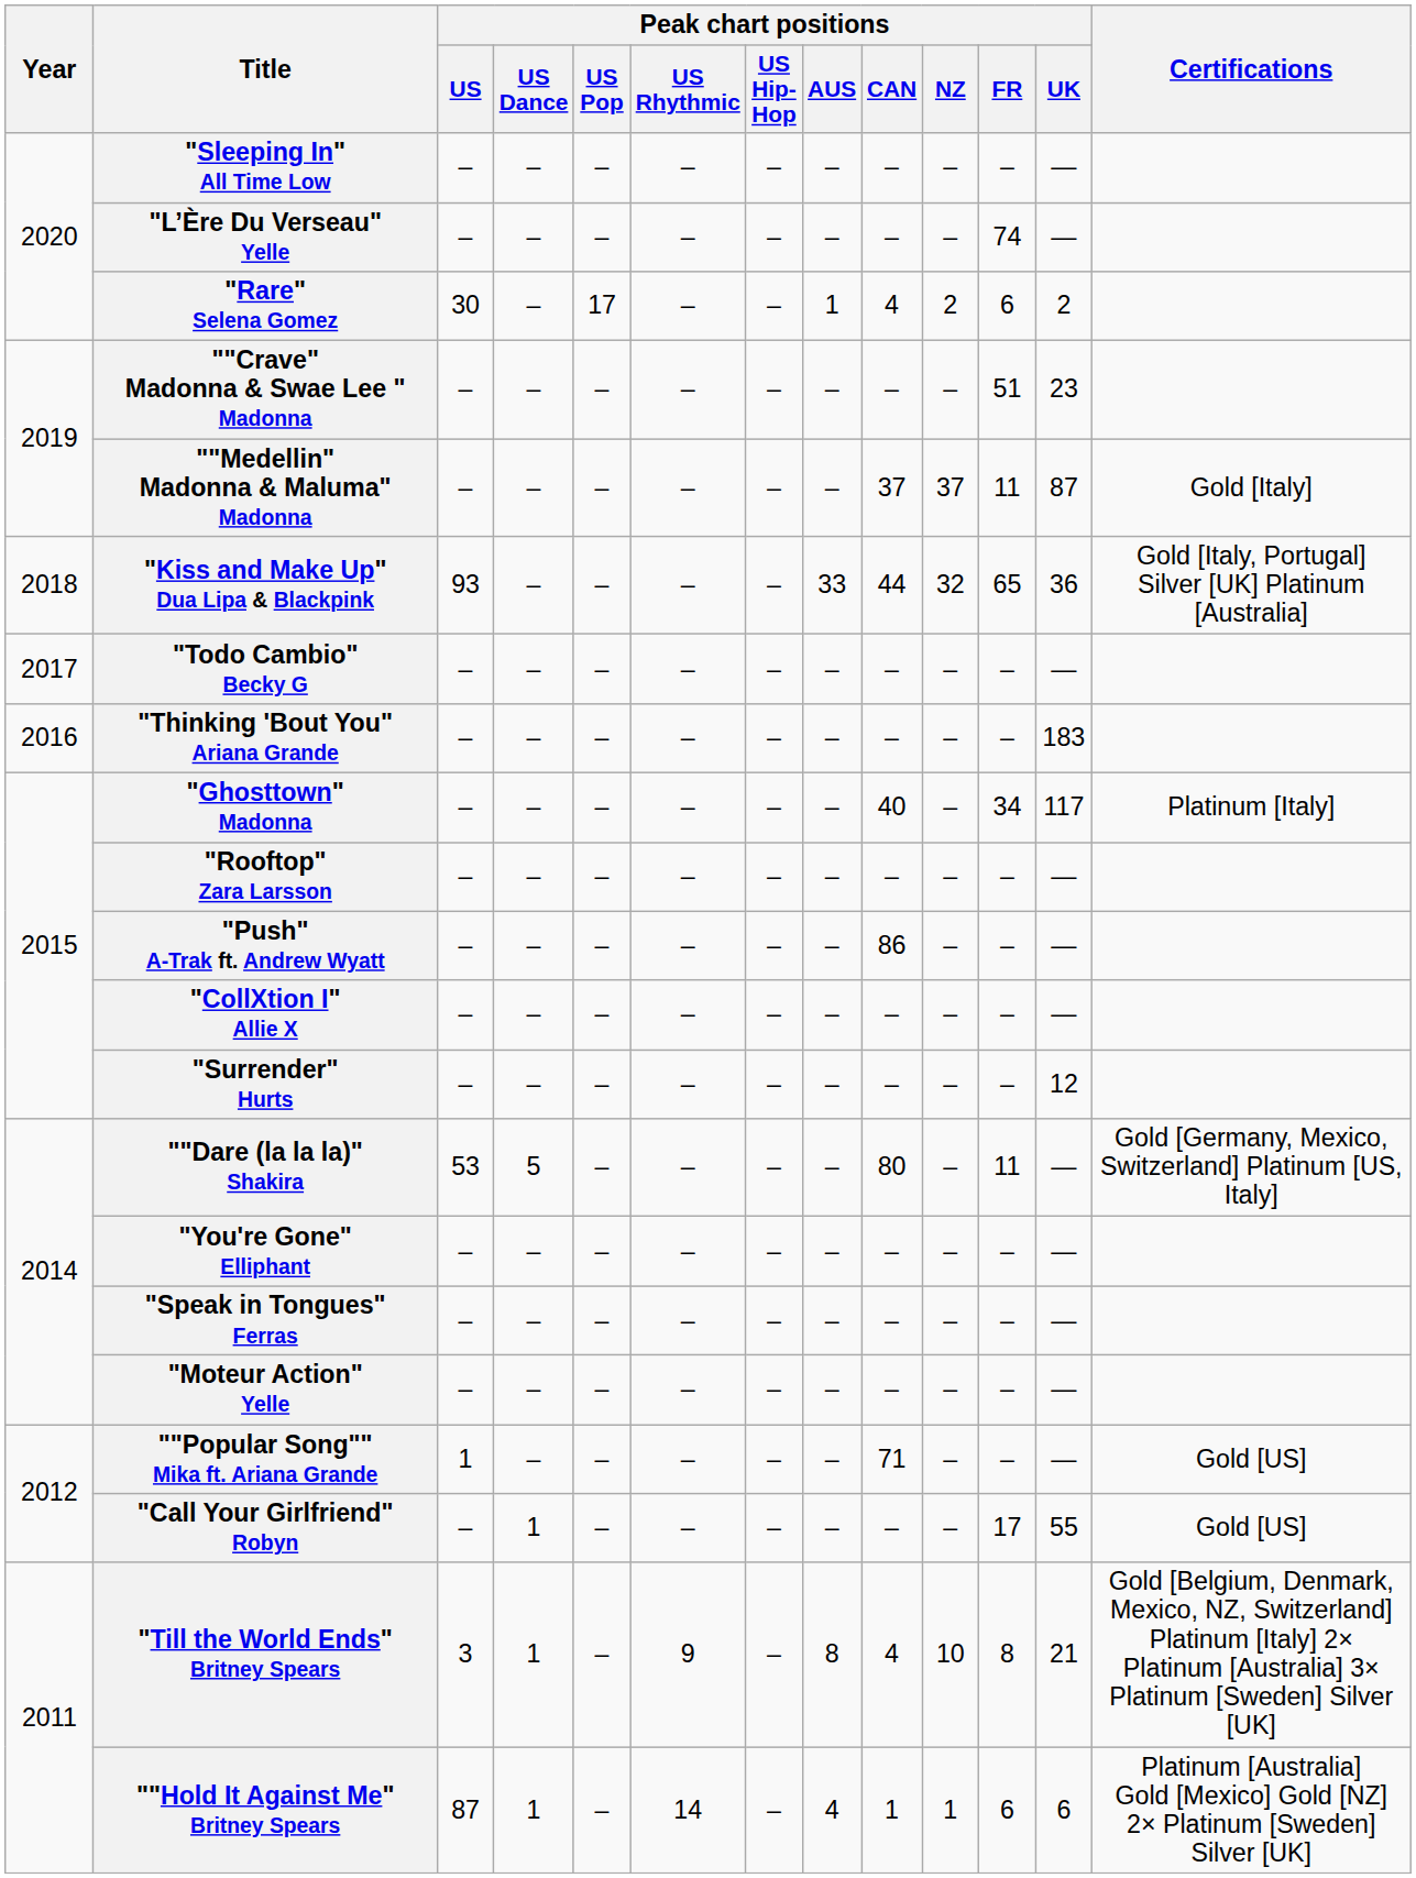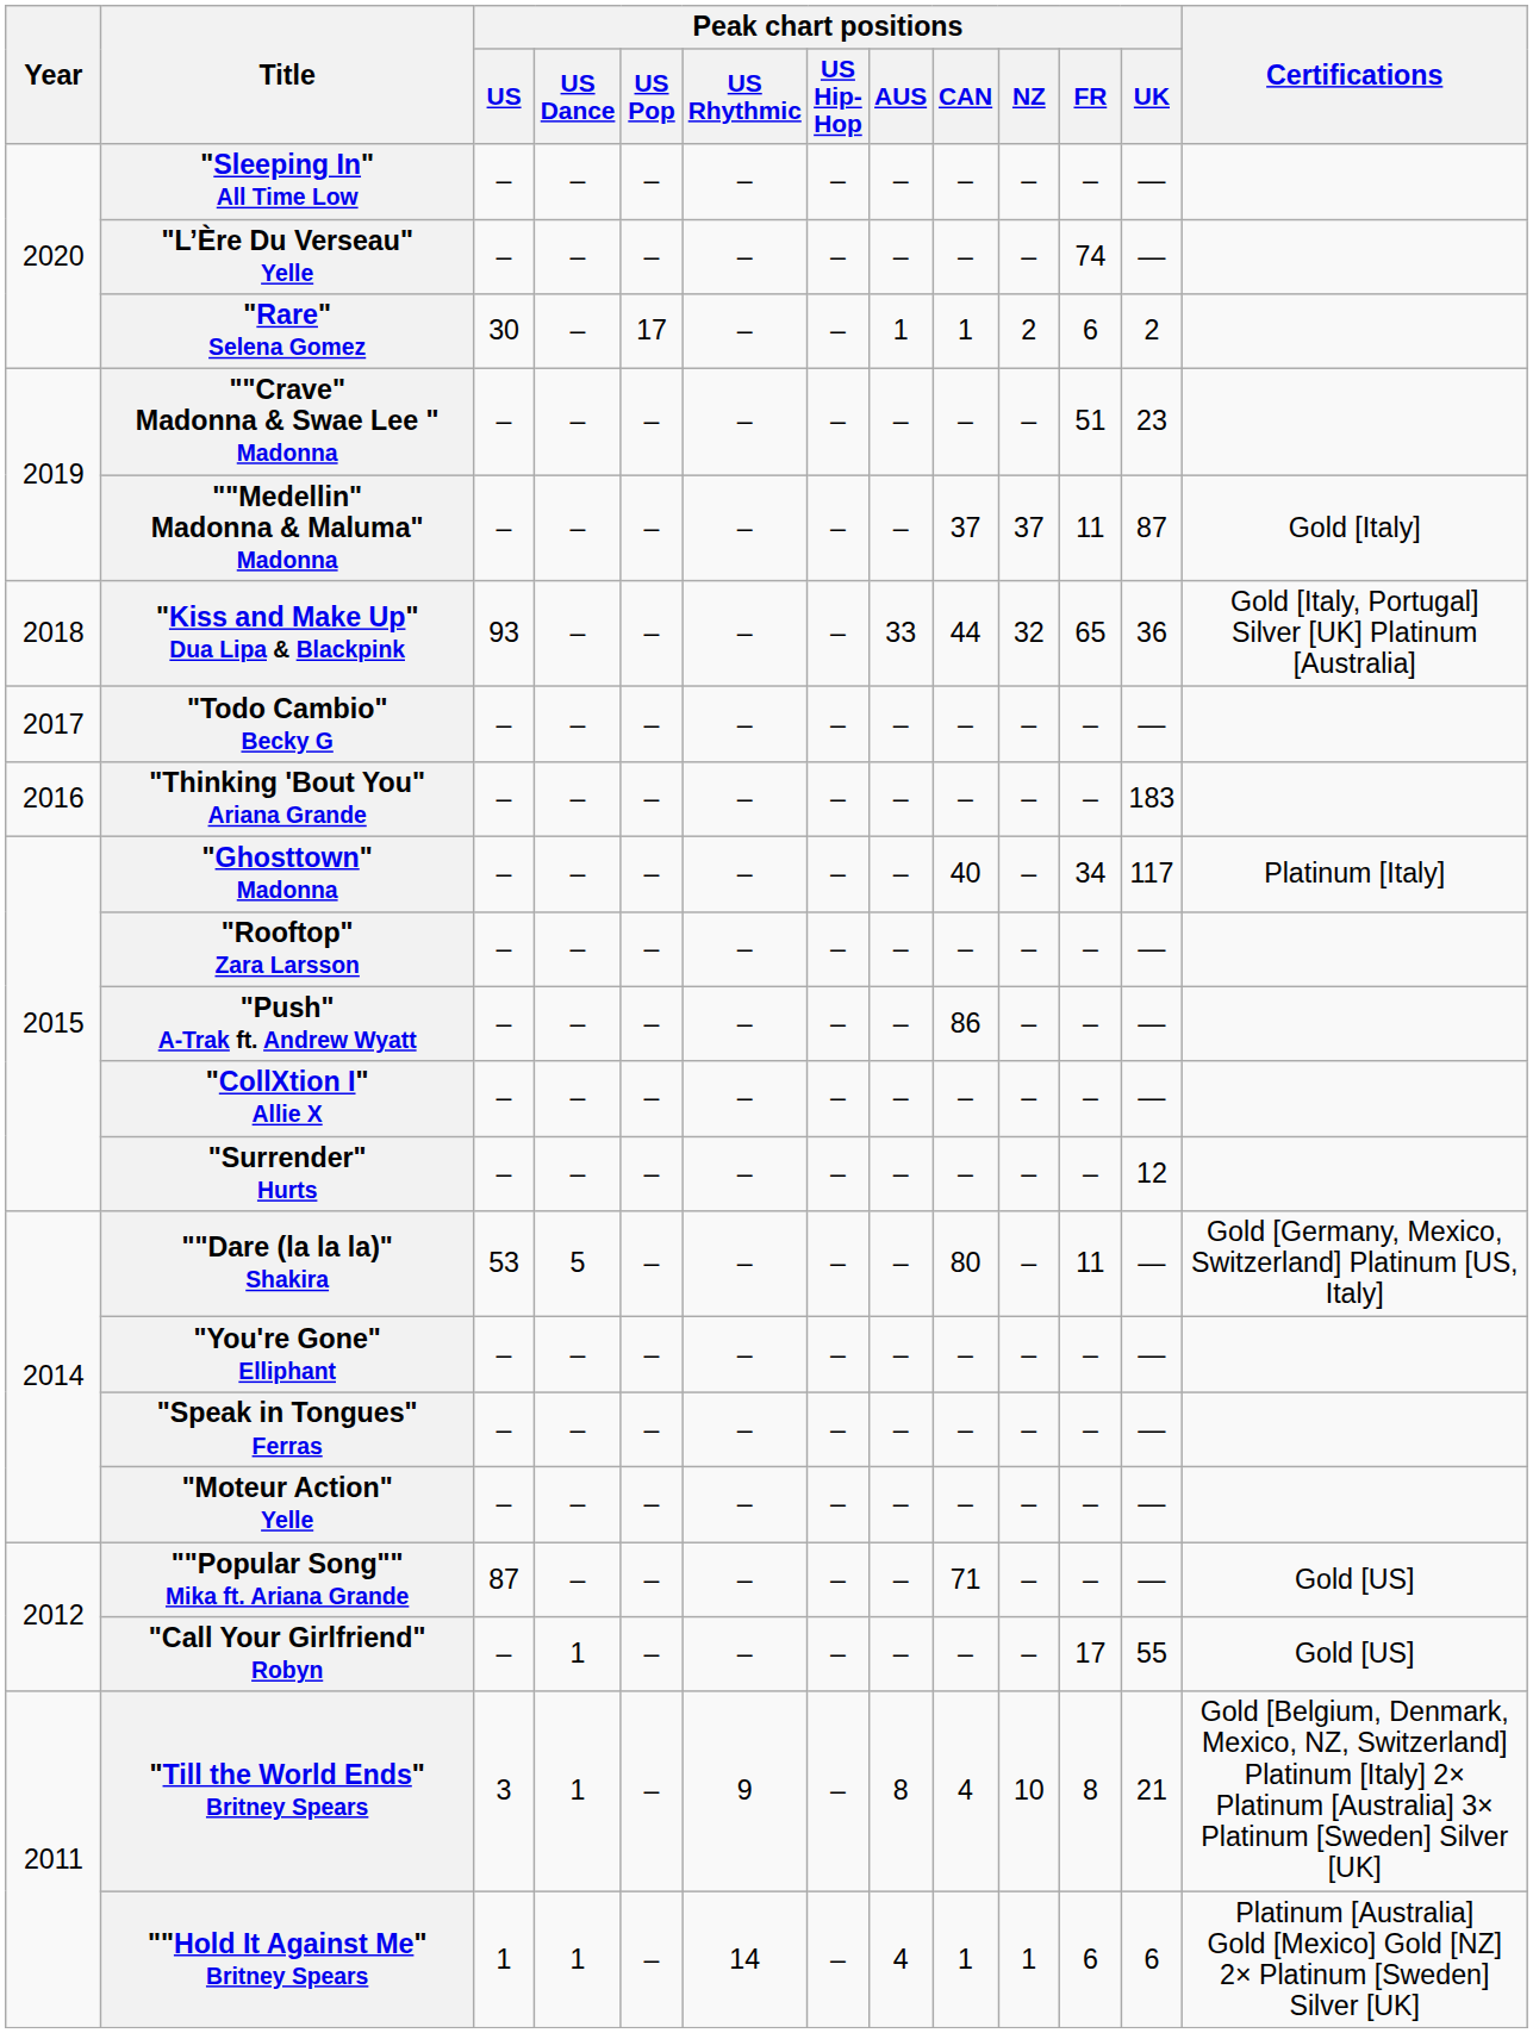 <table class="wikitable plainrowheaders" style="text-align:center;">
 <tr>
 <th scope="col" style="width:3em" rowspan="2">Year</th>
 <th scope="col" rowspan="2" style="width:13em;">Title</th>
 <th scope="col" colspan="10" style="width:3em;">Peak chart positions</th>
 <th scope="col" rowspan="2" style="width:12em;"><a href='#'>Certifications</a></th>
 </tr>
 <tr>
 <th scope="col" style="width:2em;font-size:90%;"><a href='#'>US</a><br></th>
 <th scope="col" style="width:2em;font-size:90%;"><a href='#'>US Dance</a><br></th>
 <th scope="col" style="width:2em;font-size:90%;"><a href='#'>US Pop</a><br></th>
 <th scope="col" style="width:2em;font-size:90%;"><a href='#'>US Rhythmic</a><br></th>
 <th scope="col" style="width:2em;font-size:90%;"><a href='#'>US Hip-Hop</a><br></th>
 <th scope="col" style="width:2em;font-size:90%;"><a href='#'>AUS</a><br></th>
 <th scope="col" style="width:2em;font-size:90%;"><a href='#'>CAN</a><br></th>
 <th scope="col" style="width:2em;font-size:90%;"><a href='#'>NZ</a><br></th>
 <th scope="col" style="width:2em;font-size:90%;"><a href='#'>FR</a><br></th>
 <th scope="col" style="width:2em;font-size:90%;"><a href='#'>UK</a><br></th>
 </tr>
 <tr>
 <td rowspan="3">2020</td>
 <th scope="row">"<a href='#'>Sleeping In</a>"<br><small><a href='#'>All Time Low</a></small> </th>
 <td>–</td>
 <td>–</td>
 <td>–</td>
 <td>–</td>
 <td>–</td>
 <td>–</td>
 <td>–</td>
 <td>–</td>
 <td>–</td>
 <td>—</td>
 <td></td>
 </tr>
 <tr>
 <th scope="row">"L’Ère Du Verseau"<br><small><a href='#'>Yelle</a></small> </th>
 <td>–</td>
 <td>–</td>
 <td>–</td>
 <td>–</td>
 <td>–</td>
 <td>–</td>
 <td>–</td>
 <td>–</td>
 <td>74</td>
 <td>—</td>
 <td></td>
 </tr>
 <tr>
 <th scope="row">"<a href='#'>Rare</a>"<br><small><a href='#'>Selena Gomez</a> </small></th>
 <td>30</td>
 <td>–</td>
 <td>17</td>
 <td>–</td>
 <td>–</td>
 <td>1</td>
-<td>4</td>
+<td>1</td>
 <td>2</td>
 <td>6</td>
 <td>2</td>
 <td></td>
 </tr>
 <tr>
 <td rowspan="2">2019</td>
 <th scope="row">""Crave"<br>Madonna & Swae Lee "<br><small><a href='#'>Madonna</a> </small></th>
 <td>–</td>
 <td>–</td>
 <td>–</td>
 <td>–</td>
 <td>–</td>
 <td>–</td>
 <td>–</td>
 <td>–</td>
 <td>51</td>
 <td>23</td>
 <td></td>
 </tr>
 <tr>
 <th scope="row">""Medellin"<br>Madonna & Maluma"<br><small><a href='#'>Madonna</a> </small></th>
 <td>–</td>
 <td>–</td>
 <td>–</td>
 <td>–</td>
 <td>–</td>
 <td>–</td>
 <td>37</td>
 <td>37</td>
 <td>11</td>
 <td>87</td>
 <td>Gold [Italy]</td>
 </tr>
 <tr>
 <td rowspan="1">2018</td>
 <th scope="row">"<a href='#'>Kiss and Make Up</a>"<br><small><a href='#'>Dua Lipa</a> & <a href='#'>Blackpink</a></small></th>
 <td>93</td>
 <td>–</td>
 <td>–</td>
 <td>–</td>
 <td>–</td>
 <td>33</td>
 <td>44</td>
 <td>32</td>
 <td>65</td>
 <td>36</td>
 <td>Gold [Italy, Portugal]<br>Silver [UK] Platinum [Australia]</td>
 </tr>
 <tr>
 <td rowspan=1>2017</td>
 <th scope="row">"Todo Cambio"<br><small><a href='#'>Becky G</a></small></th>
 <td>–</td>
 <td>–</td>
 <td>–</td>
 <td>–</td>
 <td>–</td>
 <td>–</td>
 <td>–</td>
 <td>–</td>
 <td>–</td>
 <td>—</td>
 <td></td>
 </tr>
 <tr>
 <td rowspan=1>2016</td>
 <th scope="row">"Thinking 'Bout You"<br><small><a href='#'>Ariana Grande</a></small></th>
 <td>–</td>
 <td>–</td>
 <td>–</td>
 <td>–</td>
 <td>–</td>
 <td>–</td>
 <td>–</td>
 <td>–</td>
 <td>–</td>
 <td>183</td>
 <td></td>
 </tr>
 <tr>
 <td rowspan=5>2015</td>
 <th scope="row">"<a href='#'>Ghosttown</a>"<br><small><a href='#'>Madonna</a></small></th>
 <td>–</td>
 <td>–</td>
 <td>–</td>
 <td>–</td>
 <td>–</td>
 <td>–</td>
 <td>40</td>
 <td>–</td>
 <td>34</td>
 <td>117</td>
 <td>Platinum [Italy]</td>
 </tr>
 <tr>
 <th scope="row">"Rooftop"<br><small><a href='#'>Zara Larsson</a></small></th>
 <td>–</td>
 <td>–</td>
 <td>–</td>
 <td>–</td>
 <td>–</td>
 <td>–</td>
 <td>–</td>
 <td>–</td>
 <td>–</td>
 <td>—</td>
 <td></td>
 </tr>
 <tr>
 <th scope="row">"Push"<br><small><a href='#'>A-Trak</a> ft. <a href='#'>Andrew Wyatt</a></small></th>
 <td>–</td>
 <td>–</td>
 <td>–</td>
 <td>–</td>
 <td>–</td>
 <td>–</td>
 <td>86</td>
 <td>–</td>
 <td>–</td>
 <td>—</td>
 <td></td>
 </tr>
 <tr>
 <th scope="row">"<a href='#'>CollXtion I</a>"<br><small><a href='#'>Allie X</a></small></th>
 <td>–</td>
 <td>–</td>
 <td>–</td>
 <td>–</td>
 <td>–</td>
 <td>–</td>
 <td>–</td>
 <td>–</td>
 <td>–</td>
 <td>—</td>
 <td></td>
 </tr>
 <tr>
 <th scope="row">"Surrender"<br><small><a href='#'>Hurts</a></small></th>
 <td>–</td>
 <td>–</td>
 <td>–</td>
 <td>–</td>
 <td>–</td>
 <td>–</td>
 <td>–</td>
 <td>–</td>
 <td>–</td>
 <td>12</td>
 <td></td>
 </tr>
 <tr>
 <td rowspan=4>2014</td>
 <th scope="row">""Dare (la la la)"<br><small><a href='#'>Shakira</a></small></th>
 <td>53</td>
 <td>5</td>
 <td>–</td>
 <td>–</td>
 <td>–</td>
 <td>–</td>
 <td>80</td>
 <td>–</td>
 <td>11</td>
 <td>—</td>
 <td>Gold [Germany, Mexico,<br>Switzerland] Platinum [US, Italy]</td>
 </tr>
 <tr>
 <th scope="row">"You're Gone"<br><small><a href='#'>Elliphant</a></small></th>
 <td>–</td>
 <td>–</td>
 <td>–</td>
 <td>–</td>
 <td>–</td>
 <td>–</td>
 <td>–</td>
 <td>–</td>
 <td>–</td>
 <td>—</td>
 <td></td>
 </tr>
 <tr>
 <th scope="row">"Speak in Tongues"<br><small><a href='#'>Ferras</a></small></th>
 <td>–</td>
 <td>–</td>
 <td>–</td>
 <td>–</td>
 <td>–</td>
 <td>–</td>
 <td>–</td>
 <td>–</td>
 <td>–</td>
 <td>—</td>
 <td></td>
 </tr>
 <tr>
 <th scope="row">"Moteur Action"<br><small><a href='#'>Yelle</a></small></th>
 <td>–</td>
 <td>–</td>
 <td>–</td>
 <td>–</td>
 <td>–</td>
 <td>–</td>
 <td>–</td>
 <td>–</td>
 <td>–</td>
 <td>—</td>
 <td></td>
 </tr>
 <tr>
 <td rowspan="2">2012</td>
 <th scope="row">""Popular Song""<br><small><a href='#'>Mika ft. Ariana Grande</a></small></th>
-<td>1</td>
+<td>87</td>
 <td>–</td>
 <td>–</td>
 <td>–</td>
 <td>–</td>
 <td>–</td>
 <td>71</td>
 <td>–</td>
 <td>–</td>
 <td>—</td>
 <td>Gold [US]</td>
 </tr>
 <tr>
 <th scope="row">"Call Your Girlfriend"<br><small><a href='#'>Robyn</a></small></th>
 <td>–</td>
 <td>1</td>
 <td>–</td>
 <td>–</td>
 <td>–</td>
 <td>–</td>
 <td>–</td>
 <td>–</td>
 <td>17</td>
 <td>55</td>
 <td>Gold [US]</td>
 </tr>
 <tr>
 <td rowspan="2">2011</td>
 <th scope="row">"<a href='#'>Till the World Ends</a>"<br><small><a href='#'>Britney Spears</a></small></th>
 <td>3</td>
 <td>1</td>
 <td>–</td>
 <td>9</td>
 <td>–</td>
 <td>8</td>
 <td>4</td>
 <td>10</td>
 <td>8</td>
 <td>21</td>
 <td>Gold [Belgium, Denmark,<br>Mexico, NZ, Switzerland] Platinum [Italy] 2× Platinum [Australia] 3× Platinum [Sweden] Silver [UK]</td>
 </tr>
 <tr>
 <th scope="row">""<a href='#'>Hold It Against Me</a>"<br><small><a href='#'>Britney Spears</a></small></th>
-<td>87</td>
+<td>1</td>
 <td>1</td>
 <td>–</td>
 <td>14</td>
 <td>–</td>
 <td>4</td>
 <td>1</td>
 <td>1</td>
 <td>6</td>
 <td>6</td>
 <td>Platinum [Australia]<br>Gold [Mexico] Gold [NZ] 2× Platinum [Sweden] Silver [UK]</td>
 </tr>
 <tr>
 </tr>
 </table>
